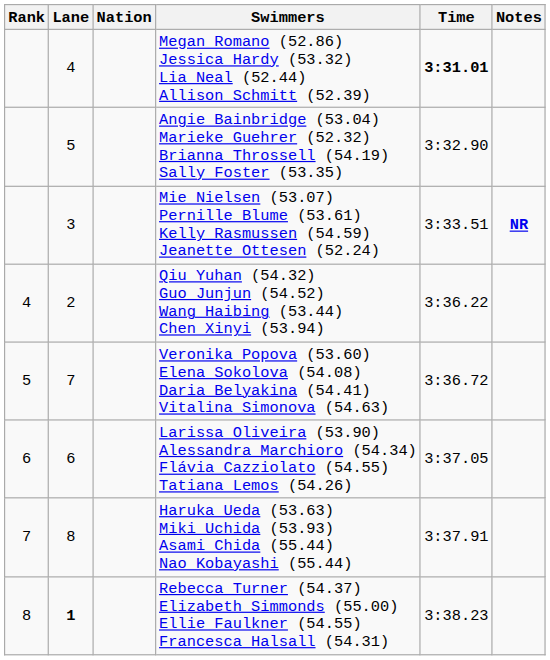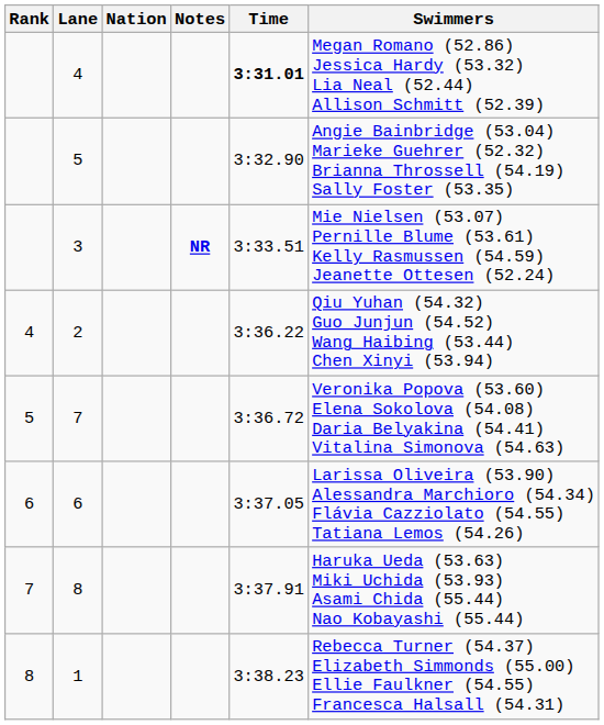 <table class="wikitable sortable" style="text-align:center">
 <tr>
 <th>Rank</th>
 <th>Lane</th>
 <th>Nation</th>
+<th>Notes</th>
+<th>Time</th>
 <th>Swimmers</th>
-<th>Time</th>
-<th>Notes</th>
 </tr>
 <tr>
 <td></td>
 <td>4</td>
 <td align=left></td>
+<td></td>
+<td><strong>3:31.01</strong></td>
 <td align=left><a href='#'>Megan Romano</a> (52.86)<br><a href='#'>Jessica Hardy</a> (53.32)<br><a href='#'>Lia Neal</a> (52.44)<br><a href='#'>Allison Schmitt</a> (52.39)</td>
-<td><strong>3:31.01</strong></td>
-<td></td>
 </tr>
 <tr>
 <td></td>
 <td>5</td>
 <td align=left></td>
+<td></td>
+<td>3:32.90</td>
 <td align=left><a href='#'>Angie Bainbridge</a> (53.04)<br><a href='#'>Marieke Guehrer</a> (52.32)<br><a href='#'>Brianna Throssell</a> (54.19)<br><a href='#'>Sally Foster</a> (53.35)</td>
-<td>3:32.90</td>
-<td></td>
 </tr>
 <tr>
 <td></td>
 <td>3</td>
 <td align=left></td>
+<td><strong><a href='#'>NR</a></strong></td>
+<td>3:33.51</td>
 <td align=left><a href='#'>Mie Nielsen</a> (53.07)<br><a href='#'>Pernille Blume</a> (53.61)<br><a href='#'>Kelly Rasmussen</a> (54.59)<br><a href='#'>Jeanette Ottesen</a> (52.24)</td>
-<td>3:33.51</td>
-<td><strong><a href='#'>NR</a></strong></td>
 </tr>
 <tr>
 <td>4</td>
 <td>2</td>
 <td align=left></td>
+<td></td>
+<td>3:36.22</td>
 <td align=left><a href='#'>Qiu Yuhan</a> (54.32)<br><a href='#'>Guo Junjun</a> (54.52)<br><a href='#'>Wang Haibing</a> (53.44)<br><a href='#'>Chen Xinyi</a> (53.94)</td>
-<td>3:36.22</td>
-<td></td>
 </tr>
 <tr>
 <td>5</td>
 <td>7</td>
 <td align=left></td>
+<td></td>
+<td>3:36.72</td>
 <td align=left><a href='#'>Veronika Popova</a> (53.60)<br><a href='#'>Elena Sokolova</a> (54.08)<br><a href='#'>Daria Belyakina</a> (54.41)<br><a href='#'>Vitalina Simonova</a> (54.63)</td>
-<td>3:36.72</td>
-<td></td>
 </tr>
 <tr>
 <td>6</td>
 <td>6</td>
 <td align=left></td>
+<td></td>
+<td>3:37.05</td>
 <td align=left><a href='#'>Larissa Oliveira</a> (53.90)<br><a href='#'>Alessandra Marchioro</a> (54.34)<br><a href='#'>Flávia Cazziolato</a> (54.55)<br><a href='#'>Tatiana Lemos</a> (54.26)</td>
-<td>3:37.05</td>
-<td></td>
 </tr>
 <tr>
 <td>7</td>
 <td>8</td>
 <td align=left></td>
+<td></td>
+<td>3:37.91</td>
 <td align=left><a href='#'>Haruka Ueda</a> (53.63)<br><a href='#'>Miki Uchida</a> (53.93)<br><a href='#'>Asami Chida</a> (55.44)<br><a href='#'>Nao Kobayashi</a> (55.44)</td>
-<td>3:37.91</td>
-<td></td>
 </tr>
 <tr>
 <td>8</td>
-<td><strong>1</strong></td>
+<td>1</td>
 <td align=left></td>
+<td></td>
+<td>3:38.23</td>
 <td align=left><a href='#'>Rebecca Turner</a> (54.37)<br><a href='#'>Elizabeth Simmonds</a> (55.00)<br><a href='#'>Ellie Faulkner</a> (54.55)<br><a href='#'>Francesca Halsall</a> (54.31)</td>
-<td>3:38.23</td>
-<td></td>
 </tr>
 </table>
